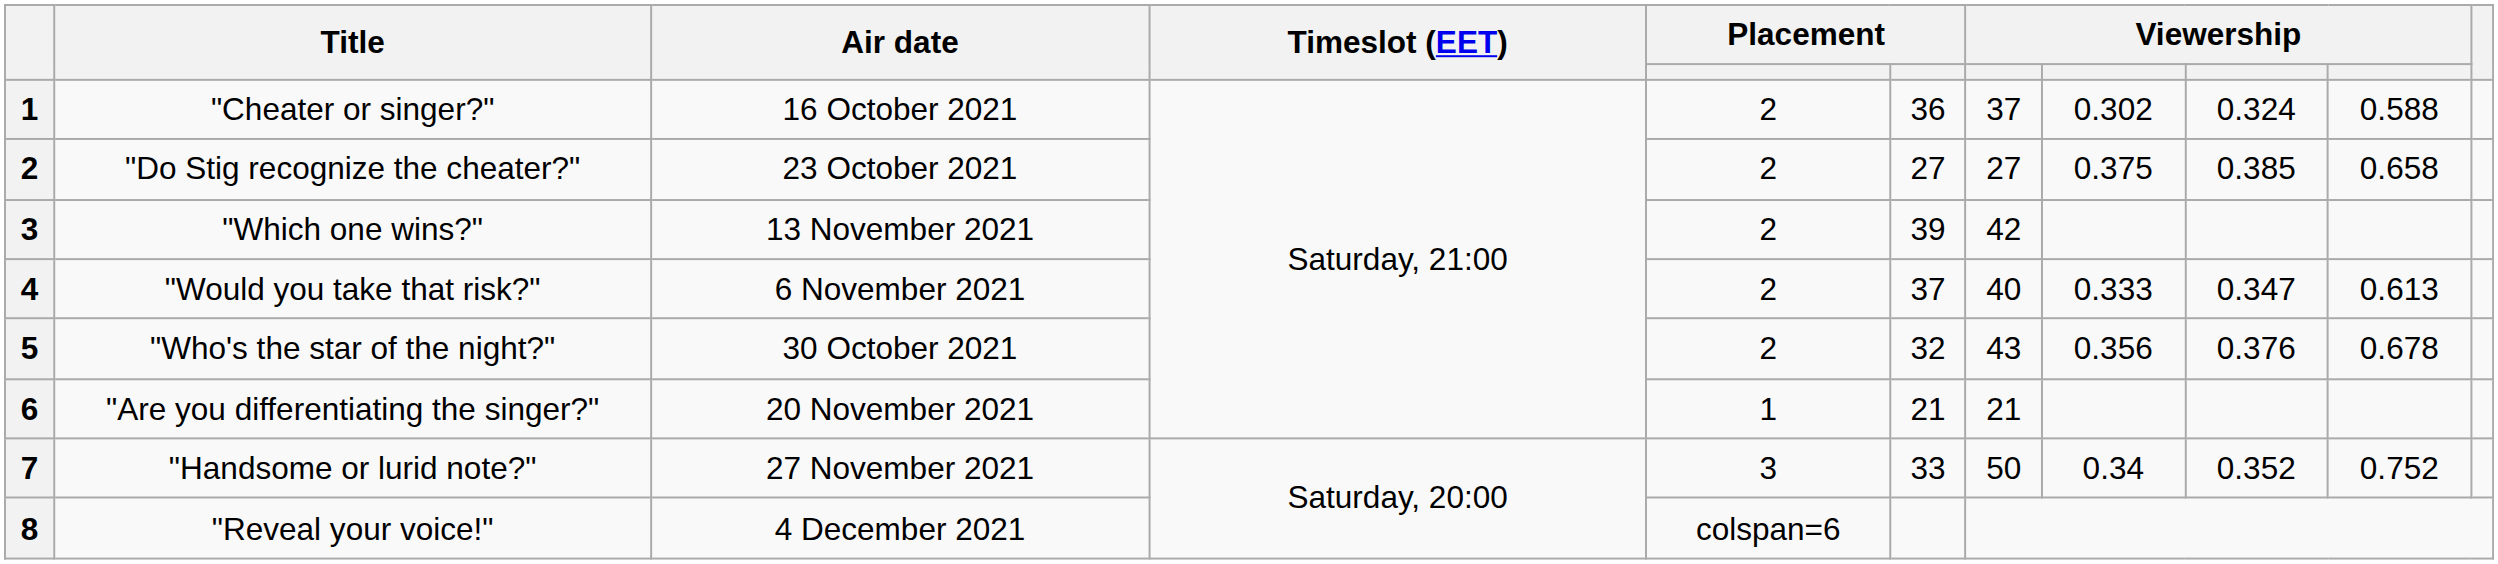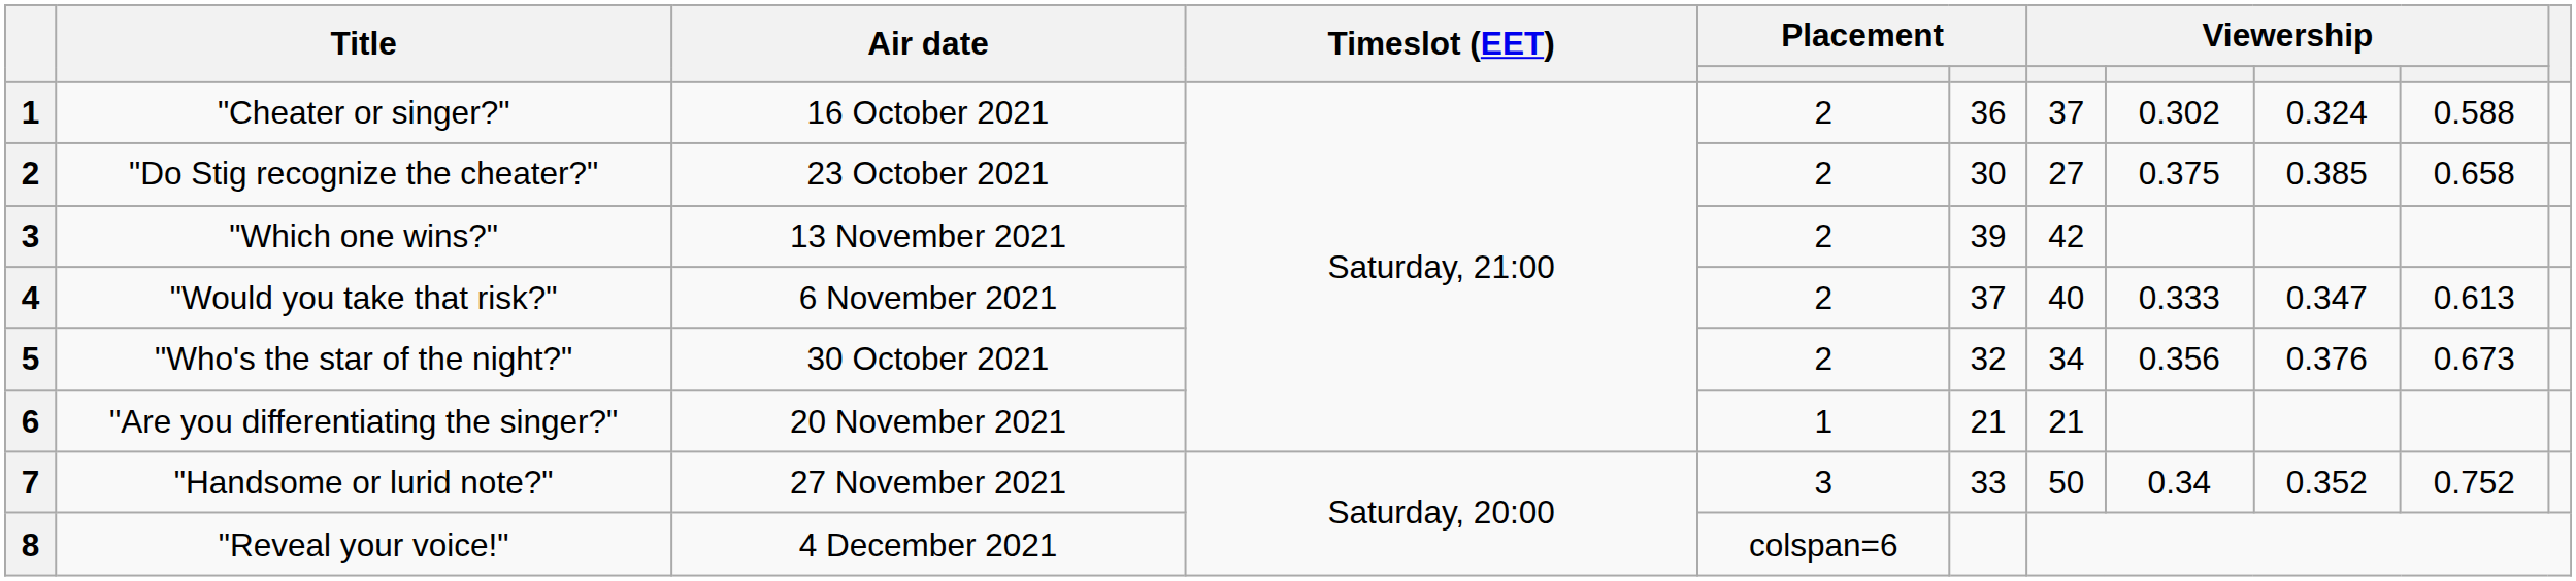 <table class="sortable wikitable plainrowheaders mw-collapsible" style=" text-align:center; line-height:23px; width:100%;">
 <tr>
 <th rowspan=2 class="unsortable"></th>
 <th rowspan=2 class="unsortable" width=24%>Title</th>
 <th rowspan=2 class="unsortable" width=20%>Air date</th>
 <th rowspan=2 class="unsortable" width=20%>Timeslot (<a href='#'>EET</a>)</th>
 <th colspan=2>Placement</th>
 <th colspan=4>Viewership</th>
 <th rowspan=2 class="unsortable"></th>
 </tr>
 <tr>
 <th class="unsortable"></th>
 <th class="unsortable"></th>
 <th class="unsortable"></th>
 <th></th>
 <th></th>
 <th></th>
 </tr>
 <tr>
 <th>1</th>
 <td>"Cheater or singer?"</td>
 <td>16 October 2021</td>
 <td rowspan=6>Saturday, 21:00</td>
 <td>2</td>
 <td>36</td>
 <td>37</td>
 <td>0.302</td>
 <td>0.324</td>
 <td>0.588</td>
 <td></td>
 </tr>
 <tr>
 <th>2</th>
 <td>"Do Stig recognize the cheater?"</td>
 <td>23 October 2021</td>
 <td>2</td>
-<td>27</td>
+<td>30</td>
 <td>27</td>
 <td>0.375</td>
 <td>0.385</td>
 <td>0.658</td>
 <td></td>
 </tr>
 <tr>
 <th>3</th>
 <td>"Which one wins?"</td>
 <td>13 November 2021</td>
 <td>2</td>
 <td>39</td>
 <td>42</td>
 <td></td>
 <td></td>
 <td></td>
 <td></td>
 </tr>
 <tr>
 <th>4</th>
 <td>"Would you take that risk?"</td>
 <td>6 November 2021</td>
 <td>2</td>
 <td>37</td>
 <td>40</td>
 <td>0.333</td>
 <td>0.347</td>
 <td>0.613</td>
 <td></td>
 </tr>
 <tr>
 <th>5</th>
 <td>"Who's the star of the night?"</td>
 <td>30 October 2021</td>
 <td>2</td>
 <td>32</td>
-<td>43</td>
+<td>34</td>
 <td>0.356</td>
 <td>0.376</td>
-<td>0.678</td>
+<td>0.673</td>
 <td></td>
 </tr>
 <tr>
 <th>6</th>
 <td>"Are you differentiating the singer?"</td>
 <td>20 November 2021</td>
 <td>1</td>
 <td>21</td>
 <td>21</td>
 <td></td>
 <td></td>
 <td></td>
 <td></td>
 </tr>
 <tr>
 <th>7</th>
 <td>"Handsome or lurid note?"</td>
 <td>27 November 2021</td>
 <td rowspan =2>Saturday, 20:00</td>
 <td>3</td>
 <td>33</td>
 <td>50</td>
 <td>0.34</td>
 <td>0.352</td>
 <td>0.752</td>
 <td></td>
 </tr>
 <tr>
 <th>8</th>
 <td>"Reveal your voice!"</td>
 <td>4 December 2021</td>
 <td>colspan=6 </td>
 <td></td>
 </tr>
 </table>
